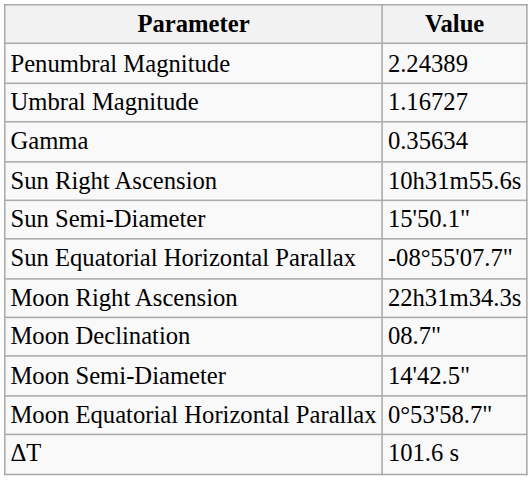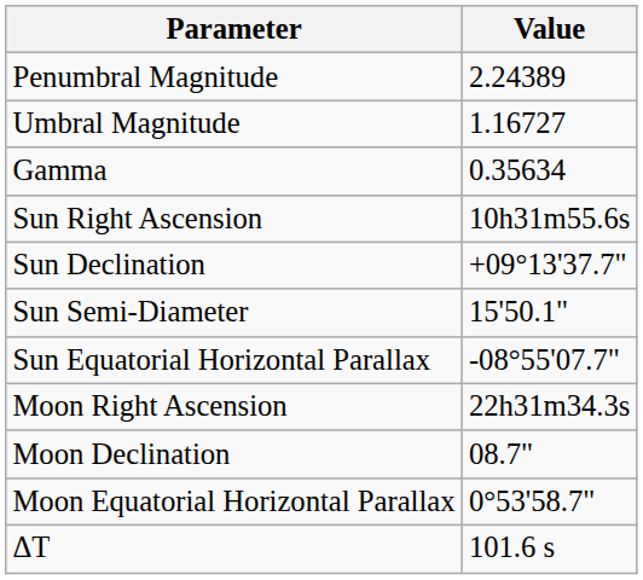 <table class="wikitable">
 <tr>
 <th>Parameter</th>
 <th>Value</th>
 </tr>
 <tr>
 <td>Penumbral Magnitude</td>
 <td>2.24389</td>
 </tr>
 <tr>
 <td>Umbral Magnitude</td>
 <td>1.16727</td>
 </tr>
 <tr>
 <td>Gamma</td>
 <td>0.35634</td>
 </tr>
 <tr>
 <td>Sun Right Ascension</td>
 <td>10h31m55.6s</td>
 </tr>
 <tr>
+<td>Sun Declination</td>
+<td>+09°13'37.7"</td>
+</tr>
+<tr>
 <td>Sun Semi-Diameter</td>
 <td>15'50.1"</td>
 </tr>
 <tr>
 <td>Sun Equatorial Horizontal Parallax</td>
 <td>-08°55'07.7"</td>
 </tr>
 <tr>
 <td>Moon Right Ascension</td>
 <td>22h31m34.3s</td>
 </tr>
 <tr>
 <td>Moon Declination</td>
 <td>08.7"</td>
 </tr>
 <tr>
-<td>Moon Semi-Diameter</td>
-<td>14'42.5"</td>
-</tr>
-<tr>
 <td>Moon Equatorial Horizontal Parallax</td>
 <td>0°53'58.7"</td>
 </tr>
 <tr>
 <td>ΔT</td>
 <td>101.6 s</td>
 </tr>
 </table>
